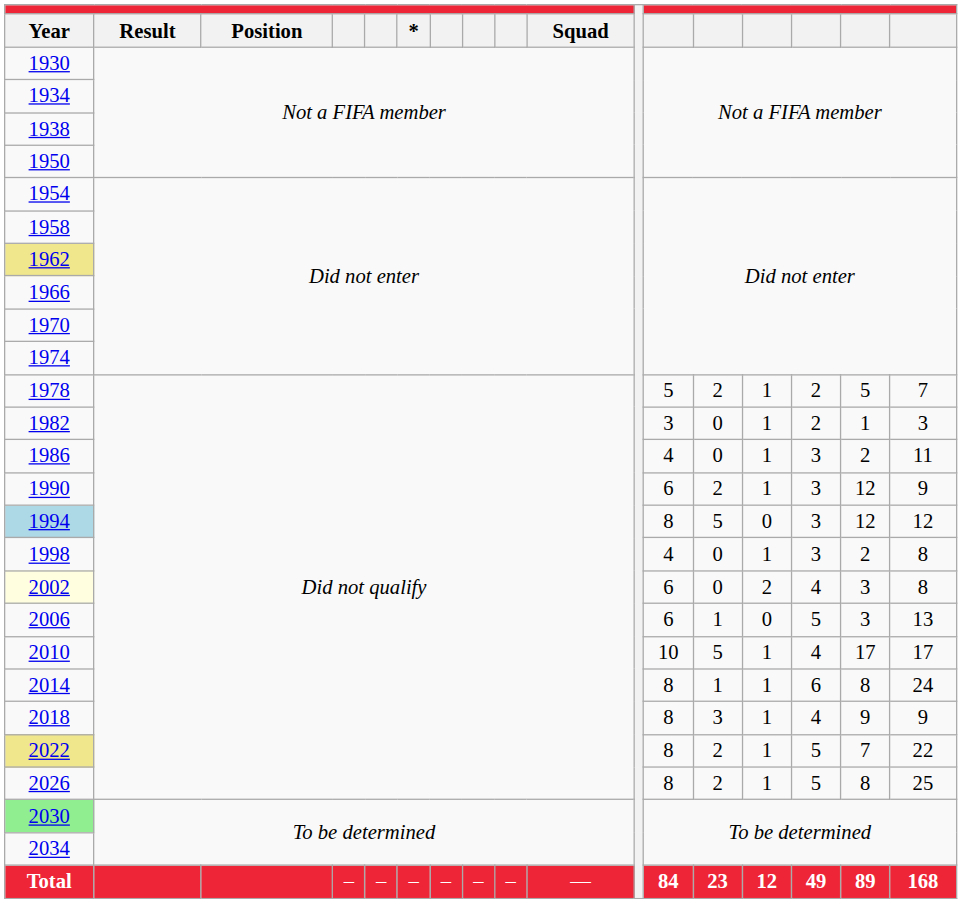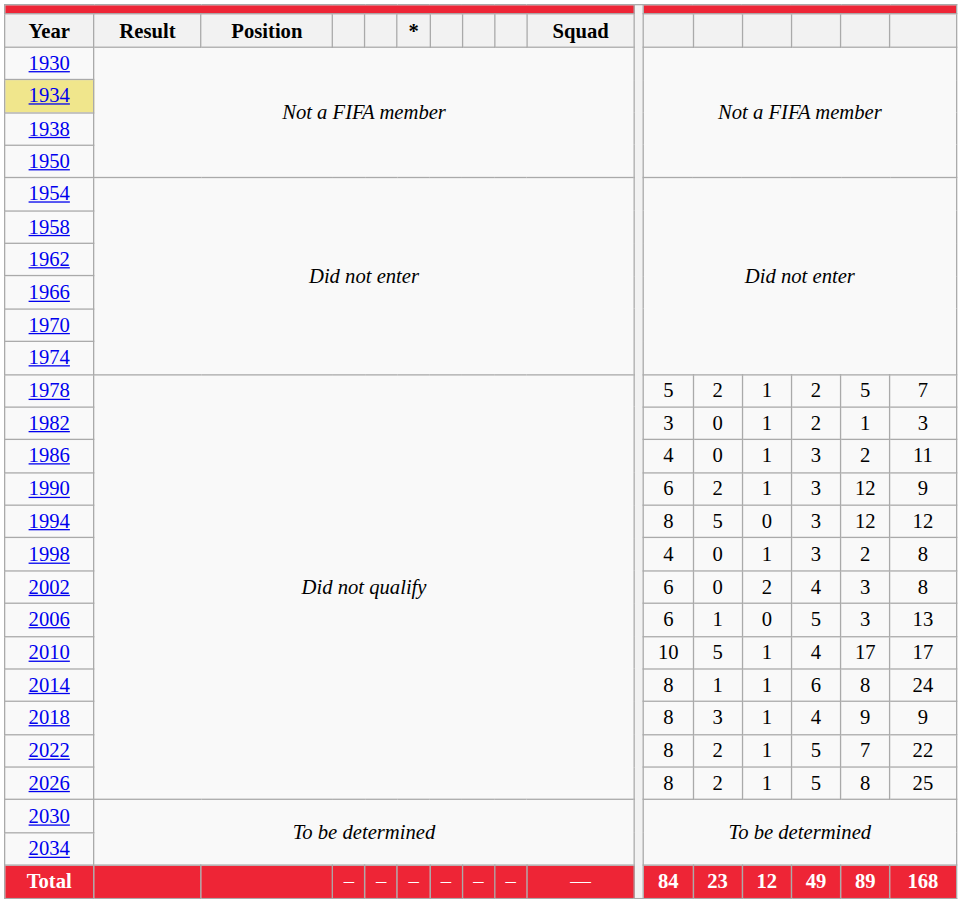 <table class="wikitable" style="text-align: center;">
 <tr>
 <th colspan=10 style="background: #EE2536; color: #FFFFFF;"><a href='#'></a></th>
 <th rowspan=28 style="width:1%;"></th>
 <th colspan=7 style="background: #EE2536; color: #FFFFFF;"><a href='#'></a></th>
 </tr>
 <tr>
 <th>Year</th>
 <th>Result</th>
 <th>Position</th>
 <th></th>
 <th></th>
 <th>*</th>
 <th></th>
 <th></th>
 <th></th>
 <th>Squad</th>
 <th></th>
 <th></th>
 <th></th>
 <th></th>
 <th></th>
 <th></th>
 </tr>
 <tr>
 <td> <a href='#'>1930</a></td>
 <td colspan=9 rowspan=4><em>Not a FIFA member</em></td>
 <td colspan=7 rowspan=4><em>Not a FIFA member</em></td>
 </tr>
 <tr>
-<td> <a href='#'>1934</a></td>
+<td style="background: khaki;"> <a href='#'>1934</a></td>
 </tr>
 <tr>
 <td> <a href='#'>1938</a></td>
 </tr>
 <tr>
 <td> <a href='#'>1950</a></td>
 </tr>
 <tr>
 <td> <a href='#'>1954</a></td>
 <td colspan=9 rowspan=6><em>Did not enter</em></td>
 <td colspan=7 rowspan=6><em>Did not enter</em></td>
 </tr>
 <tr>
 <td> <a href='#'>1958</a></td>
 </tr>
 <tr>
-<td style="background: khaki;"> <a href='#'>1962</a></td>
+<td> <a href='#'>1962</a></td>
 </tr>
 <tr>
 <td> <a href='#'>1966</a></td>
 </tr>
 <tr>
 <td> <a href='#'>1970</a></td>
 </tr>
 <tr>
 <td> <a href='#'>1974</a></td>
 </tr>
 <tr>
 <td> <a href='#'>1978</a></td>
 <td colspan=9 rowspan=13><em>Did not qualify</em></td>
 <td>5</td>
 <td>2</td>
 <td>1</td>
 <td>2</td>
 <td>5</td>
 <td>7</td>
 </tr>
 <tr>
 <td> <a href='#'>1982</a></td>
 <td>3</td>
 <td>0</td>
 <td>1</td>
 <td>2</td>
 <td>1</td>
 <td>3</td>
 </tr>
 <tr>
 <td> <a href='#'>1986</a></td>
 <td>4</td>
 <td>0</td>
 <td>1</td>
 <td>3</td>
 <td>2</td>
 <td>11</td>
 </tr>
 <tr>
 <td> <a href='#'>1990</a></td>
 <td>6</td>
 <td>2</td>
 <td>1</td>
 <td>3</td>
 <td>12</td>
 <td>9</td>
 </tr>
 <tr>
-<td style="background: lightblue;"> <a href='#'>1994</a></td>
+<td> <a href='#'>1994</a></td>
 <td>8</td>
 <td>5</td>
 <td>0</td>
 <td>3</td>
 <td>12</td>
 <td>12</td>
 </tr>
 <tr>
 <td> <a href='#'>1998</a></td>
 <td>4</td>
 <td>0</td>
 <td>1</td>
 <td>3</td>
 <td>2</td>
 <td>8</td>
 </tr>
 <tr>
-<td style="background: lightyellow;">  <a href='#'>2002</a></td>
+<td>  <a href='#'>2002</a></td>
 <td>6</td>
 <td>0</td>
 <td>2</td>
 <td>4</td>
 <td>3</td>
 <td>8</td>
 </tr>
 <tr>
 <td> <a href='#'>2006</a></td>
 <td>6</td>
 <td>1</td>
 <td>0</td>
 <td>5</td>
 <td>3</td>
 <td>13</td>
 </tr>
 <tr>
 <td> <a href='#'>2010</a></td>
 <td>10</td>
 <td>5</td>
 <td>1</td>
 <td>4</td>
 <td>17</td>
 <td>17</td>
 </tr>
 <tr>
 <td> <a href='#'>2014</a></td>
 <td>8</td>
 <td>1</td>
 <td>1</td>
 <td>6</td>
 <td>8</td>
 <td>24</td>
 </tr>
 <tr>
 <td> <a href='#'>2018</a></td>
 <td>8</td>
 <td>3</td>
 <td>1</td>
 <td>4</td>
 <td>9</td>
 <td>9</td>
 </tr>
 <tr>
-<td style="background: khaki;"> <a href='#'>2022</a></td>
+<td> <a href='#'>2022</a></td>
 <td>8</td>
 <td>2</td>
 <td>1</td>
 <td>5</td>
 <td>7</td>
 <td>22</td>
 </tr>
 <tr>
 <td>   <a href='#'>2026</a></td>
 <td>8</td>
 <td>2</td>
 <td>1</td>
 <td>5</td>
 <td>8</td>
 <td>25</td>
 </tr>
 <tr>
-<td style="background: lightgreen;">   <a href='#'>2030</a></td>
+<td>   <a href='#'>2030</a></td>
 <td colspan=9 rowspan=2><em>To be determined</em></td>
 <td colspan=7 rowspan=2><em>To be determined</em></td>
 </tr>
 <tr>
 <td> <a href='#'>2034</a></td>
 </tr>
 <tr>
 <td style="background: #EE2536; color: #FFFFFF;"><strong>Total</strong></td>
 <td style="background: #EE2536; color: #FFFFFF;"></td>
 <td style="background: #EE2536; color: #FFFFFF;"><strong></strong></td>
 <td style="background: #EE2536; color: #FFFFFF;">–</td>
 <td style="background: #EE2536; color: #FFFFFF;">–</td>
 <td style="background: #EE2536; color: #FFFFFF;">–</td>
 <td style="background: #EE2536; color: #FFFFFF;">–</td>
 <td style="background: #EE2536; color: #FFFFFF;">–</td>
 <td style="background: #EE2536; color: #FFFFFF;">–</td>
 <td style="background: #EE2536; color: #FFFFFF;">—</td>
 <td style="background: #EE2536; color: #FFFFFF;"><strong>84</strong></td>
 <td style="background: #EE2536; color: #FFFFFF;"><strong>23</strong></td>
 <td style="background: #EE2536; color: #FFFFFF;"><strong>12</strong></td>
 <td style="background: #EE2536; color: #FFFFFF;"><strong>49</strong></td>
 <td style="background: #EE2536; color: #FFFFFF;"><strong>89</strong></td>
 <td style="background: #EE2536; color: #FFFFFF;"><strong>168</strong></td>
 </tr>
 </table>
